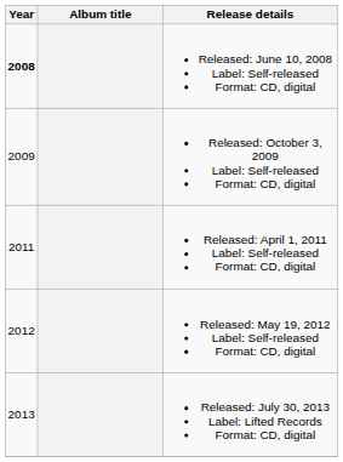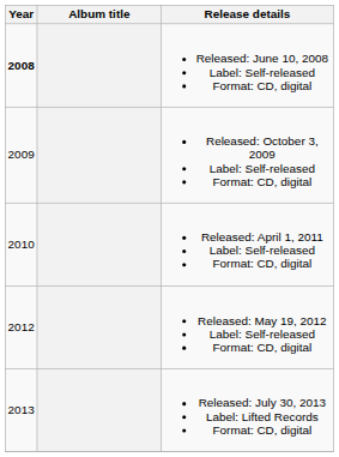 <table class="wikitable plainrowheaders" style="text-align:center;">
 <tr>
 <th>Year</th>
 <th scope="col" rowspan="1" style="width:10em;">Album title</th>
 <th scope="col" rowspan="1" style="width:14em;">Release details</th>
 </tr>
 <tr>
 <td><strong>2008</strong></td>
 <th></th>
 <td><br><ul><li>Released: June 10, 2008</li><li>Label: Self-released</li><li>Format: CD, digital</li></ul></td>
 </tr>
 <tr>
 <td>2009</td>
 <th></th>
 <td><br><ul><li>Released: October 3, 2009</li><li>Label: Self-released</li><li>Format: CD, digital</li></ul></td>
 </tr>
 <tr>
-<td>2011</td>
+<td>2010</td>
 <th></th>
 <td><br><ul><li>Released: April 1, 2011</li><li>Label: Self-released</li><li>Format: CD, digital</li></ul></td>
 </tr>
 <tr>
 <td>2012</td>
 <th></th>
 <td><br><ul><li>Released: May 19, 2012</li><li>Label: Self-released</li><li>Format: CD, digital</li></ul></td>
 </tr>
 <tr>
 <td>2013</td>
 <th></th>
 <td><br><ul><li>Released: July 30, 2013</li><li>Label: Lifted Records</li><li>Format: CD, digital</li></ul></td>
 </tr>
 <tr>
 </tr>
 </table>
